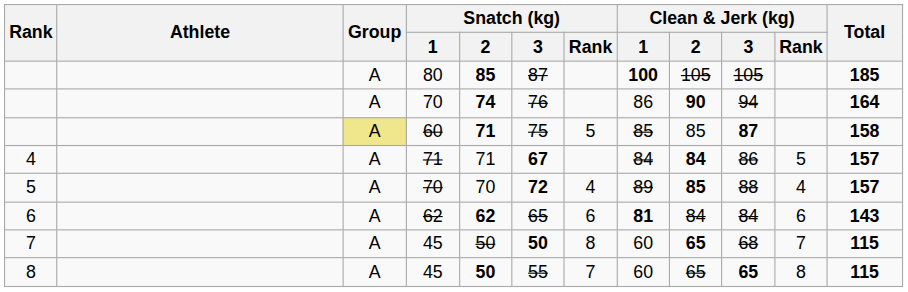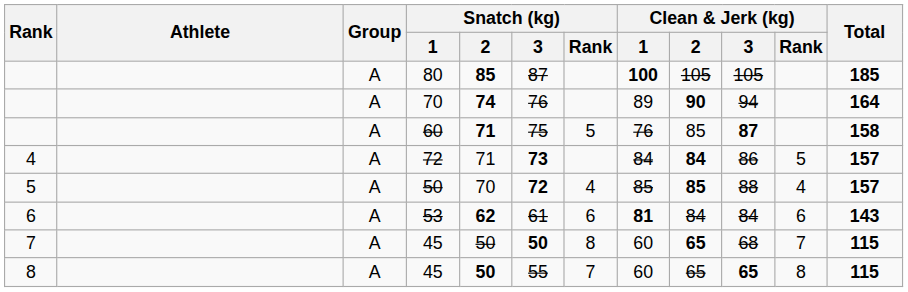 <table class = "wikitable" style="text-align:center;">
 <tr>
 <th rowspan=2 width=40>Rank</th>
 <th rowspan=2 width=250>Athlete</th>
 <th rowspan=2 width=50>Group</th>
 <th colspan=4>Snatch (kg)</th>
 <th colspan=4>Clean & Jerk (kg)</th>
 <th rowspan=2 width=60>Total</th>
 </tr>
 <tr>
 <th width=40>1</th>
 <th width=40>2</th>
 <th width=40>3</th>
 <th width=40>Rank</th>
 <th width=40>1</th>
 <th width=40>2</th>
 <th width=40>3</th>
 <th width=40>Rank</th>
 </tr>
 <tr>
 <td></td>
 <td align=left></td>
 <td>A</td>
 <td>80</td>
 <td><strong>85</strong></td>
 <td><s>87</s></td>
 <td></td>
 <td><strong>100</strong></td>
 <td><s>105</s></td>
 <td><s>105</s></td>
 <td></td>
 <td><strong>185</strong></td>
 </tr>
 <tr>
 <td></td>
 <td align=left></td>
 <td>A</td>
 <td>70</td>
 <td><strong>74</strong></td>
 <td><s>76</s></td>
 <td></td>
-<td>86</td>
+<td>89</td>
 <td><strong>90</strong></td>
 <td><s>94</s></td>
 <td></td>
 <td><strong>164</strong></td>
 </tr>
 <tr>
 <td></td>
 <td align=left></td>
-<td style="background: khaki;">A</td>
+<td>A</td>
 <td><s>60</s></td>
 <td><strong>71</strong></td>
 <td><s>75</s></td>
 <td>5</td>
-<td><s>85</s></td>
+<td><s>76</s></td>
 <td>85</td>
 <td><strong>87</strong></td>
 <td></td>
 <td><strong>158</strong></td>
 </tr>
 <tr>
 <td>4</td>
 <td align=left></td>
 <td>A</td>
-<td><s>71</s></td>
+<td><s>72</s></td>
 <td>71</td>
-<td><strong>67</strong></td>
+<td><strong>73</strong></td>
 <td></td>
 <td><s>84</s></td>
 <td><strong>84</strong></td>
 <td><s>86</s></td>
 <td>5</td>
 <td><strong>157</strong></td>
 </tr>
 <tr>
 <td>5</td>
 <td align=left></td>
 <td>A</td>
-<td><s>70</s></td>
+<td><s>50</s></td>
 <td>70</td>
 <td><strong>72</strong></td>
 <td>4</td>
-<td><s>89</s></td>
+<td><s>85</s></td>
 <td><strong>85</strong></td>
 <td><s>88</s></td>
 <td>4</td>
 <td><strong>157</strong></td>
 </tr>
 <tr>
 <td>6</td>
 <td align=left></td>
 <td>A</td>
-<td><s>62</s></td>
+<td><s>53</s></td>
 <td><strong>62</strong></td>
-<td><s>65</s></td>
+<td><s>61</s></td>
 <td>6</td>
 <td><strong>81</strong></td>
 <td><s>84</s></td>
 <td><s>84</s></td>
 <td>6</td>
 <td><strong>143</strong></td>
 </tr>
 <tr>
 <td>7</td>
 <td align=left></td>
 <td>A</td>
 <td>45</td>
 <td><s>50</s></td>
 <td><strong>50</strong></td>
 <td>8</td>
 <td>60</td>
 <td><strong>65</strong></td>
 <td><s>68</s></td>
 <td>7</td>
 <td><strong>115</strong></td>
 </tr>
 <tr>
 <td>8</td>
 <td align=left></td>
 <td>A</td>
 <td>45</td>
 <td><strong>50</strong></td>
 <td><s>55</s></td>
 <td>7</td>
 <td>60</td>
 <td><s>65</s></td>
 <td><strong>65</strong></td>
 <td>8</td>
 <td><strong>115</strong></td>
 </tr>
 </table>
